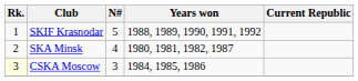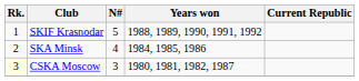 <table class="wikitable">
 <tr>
 <th>Rk.</th>
 <th>Club</th>
 <th>N#</th>
 <th>Years won</th>
 <th>Current Republic</th>
 </tr>
 <tr>
 <td align="center">1</td>
 <td><a href='#'>SKIF Krasnodar</a></td>
 <td align="center">5</td>
 <td>1988, 1989, 1990, 1991, 1992</td>
 <td></td>
 </tr>
 <tr>
 <td align="center">2</td>
 <td><a href='#'>SKA Minsk</a></td>
 <td align="center">4</td>
-<td>1980, 1981, 1982, 1987</td>
+<td>1984, 1985, 1986</td>
 <td></td>
 </tr>
 <tr>
 <td align="center" style="background: lightyellow;">3</td>
 <td><a href='#'>CSKA Moscow</a></td>
 <td align="center">3</td>
-<td>1984, 1985, 1986</td>
+<td>1980, 1981, 1982, 1987</td>
 <td></td>
 </tr>
 <tr>
 </tr>
 </table>
